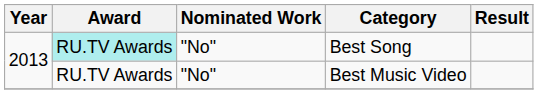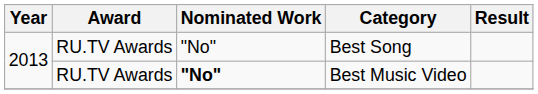 <table class="wikitable">
 <tr>
 <th>Year</th>
 <th>Award</th>
 <th>Nominated Work</th>
 <th>Category</th>
 <th>Result</th>
 </tr>
 <tr>
 <td rowspan="2">2013</td>
-<td style="background: paleturquoise;">RU.TV Awards</td>
+<td>RU.TV Awards</td>
 <td>"No"</td>
 <td>Best Song</td>
 <td></td>
 </tr>
 <tr>
 <td>RU.TV Awards</td>
-<td>"No"</td>
+<td><strong>"No"</strong></td>
 <td>Best Music Video</td>
 <td></td>
 </tr>
 <tr>
 </tr>
 </table>
